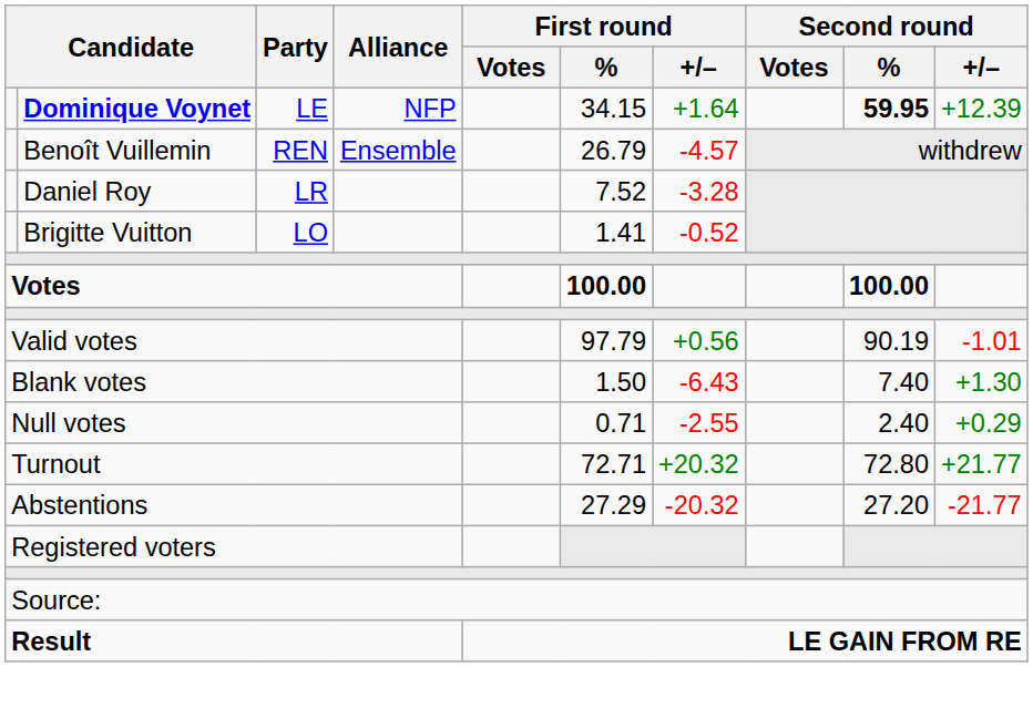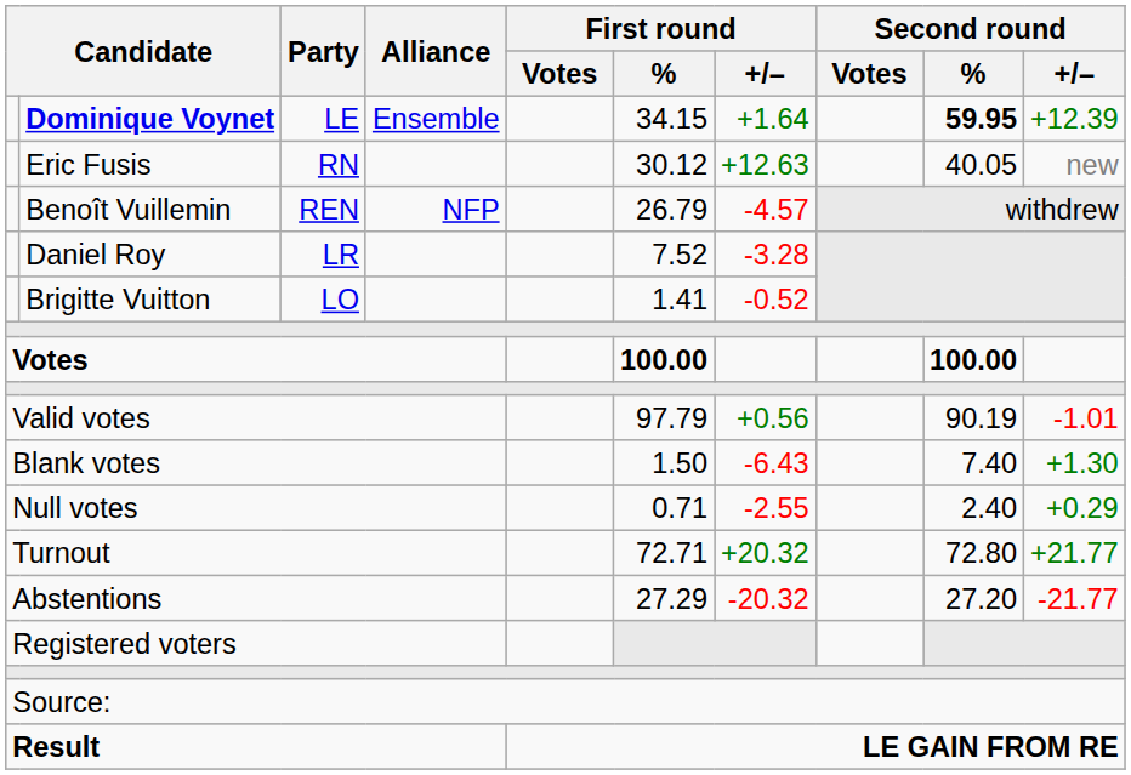 <table class="wikitable" style="text-align:right;font-size:95%;">
 <tr>
 <th rowspan="2" colspan="2">Candidate</th>
 <th colspan="1" rowspan="2">Party</th>
 <th colspan="1" rowspan="2">Alliance</th>
 <th colspan="3">First round</th>
 <th colspan="3">Second round</th>
 </tr>
 <tr>
 <th style="width:50px;">Votes</th>
 <th style="width:45px;">%</th>
 <th style="width:45px;">+/–</th>
 <th style="width:50px;">Votes</th>
 <th style="width:45px;">%</th>
 <th style="width:45px;">+/–</th>
 </tr>
 <tr>
 <td style="color:inherit;background:"></td>
 <td style="text-align:left;"><strong><a href='#'>Dominique Voynet</a></strong></td>
 <td><a href='#'>LE</a></td>
-<td><a href='#'>NFP</a></td>
+<td><a href='#'>Ensemble</a></td>
 <td></td>
 <td>34.15</td>
 <td style="color:green;">+1.64</td>
 <td><strong></strong></td>
 <td><strong>59.95</strong></td>
 <td style="color:green;">+12.39</td>
 </tr>
 <tr>
 <td style="color:inherit;background:"></td>
+<td style="text-align:left;">Eric Fusis</td>
+<td><a href='#'>RN</a></td>
+<td></td>
+<td></td>
+<td>30.12</td>
+<td style="color:green;">+12.63</td>
+<td></td>
+<td>40.05</td>
+<td style="color:grey;">new</td>
+</tr>
+<tr>
+<td style="color:inherit;background:"></td>
 <td style="text-align:left;">Benoît Vuillemin</td>
 <td><a href='#'>REN</a></td>
-<td><a href='#'>Ensemble</a></td>
+<td><a href='#'>NFP</a></td>
 <td></td>
 <td>26.79</td>
 <td style="color:red;">-4.57</td>
 <td colspan="3" style="background:#E9E9E9;">withdrew</td>
 </tr>
 <tr>
 <td style="color:inherit;background:"></td>
 <td style="text-align:left;">Daniel Roy</td>
 <td><a href='#'>LR</a></td>
 <td></td>
 <td></td>
 <td>7.52</td>
 <td style="color:red;">-3.28</td>
 <td colspan="3" rowspan="2" style="background:#E9E9E9;"></td>
 </tr>
 <tr>
 <td style="color:inherit;background:"></td>
 <td style="text-align:left;">Brigitte Vuitton</td>
 <td><a href='#'>LO</a></td>
 <td></td>
 <td></td>
 <td>1.41</td>
 <td style="color:red;">-0.52</td>
 </tr>
 <tr>
 <td colspan="10" style="background:#E9E9E9;"></td>
 </tr>
 <tr style="font-weight:bold;">
 <td colspan="4" style="text-align:left;">Votes</td>
 <td></td>
 <td>100.00</td>
 <td></td>
 <td></td>
 <td>100.00</td>
 <td></td>
 </tr>
 <tr>
 <td colspan="10" style="background:#E9E9E9;"></td>
 </tr>
 <tr>
 <td colspan="4" style="text-align:left;">Valid votes</td>
 <td></td>
 <td>97.79</td>
 <td style="color:green;">+0.56</td>
 <td></td>
 <td>90.19</td>
 <td style="color:red;">-1.01</td>
 </tr>
 <tr>
 <td colspan="4" style="text-align:left;">Blank votes</td>
 <td></td>
 <td>1.50</td>
 <td style="color:red;">-6.43</td>
 <td></td>
 <td>7.40</td>
 <td style="color:green;">+1.30</td>
 </tr>
 <tr>
 <td colspan="4" style="text-align:left;">Null votes</td>
 <td></td>
 <td>0.71</td>
 <td style="color:red;">-2.55</td>
 <td></td>
 <td>2.40</td>
 <td style="color:green;">+0.29</td>
 </tr>
 <tr>
 <td colspan="4" style="text-align:left;">Turnout</td>
 <td></td>
 <td>72.71</td>
 <td style="color:green;">+20.32</td>
 <td></td>
 <td>72.80</td>
 <td style="color:green;">+21.77</td>
 </tr>
 <tr>
 <td colspan="4" style="text-align:left;">Abstentions</td>
 <td></td>
 <td>27.29</td>
 <td style="color:red;">-20.32</td>
 <td></td>
 <td>27.20</td>
 <td style="color:red;">-21.77</td>
 </tr>
 <tr>
 <td colspan="4" style="text-align:left;">Registered voters</td>
 <td></td>
 <td colspan="2" style="background:#E9E9E9;"></td>
 <td></td>
 <td colspan="2" style="background:#E9E9E9;"></td>
 </tr>
 <tr>
 <td colspan="10" style="background:#E9E9E9;"></td>
 </tr>
 <tr>
 <td colspan="10" style="text-align:left;">Source: </td>
 </tr>
 <tr style="font-weight:bold">
 <td colspan="4" style="text-align:left;">Result</td>
 <td colspan="6" style="background-color:">LE GAIN FROM RE</td>
 </tr>
 </table>
